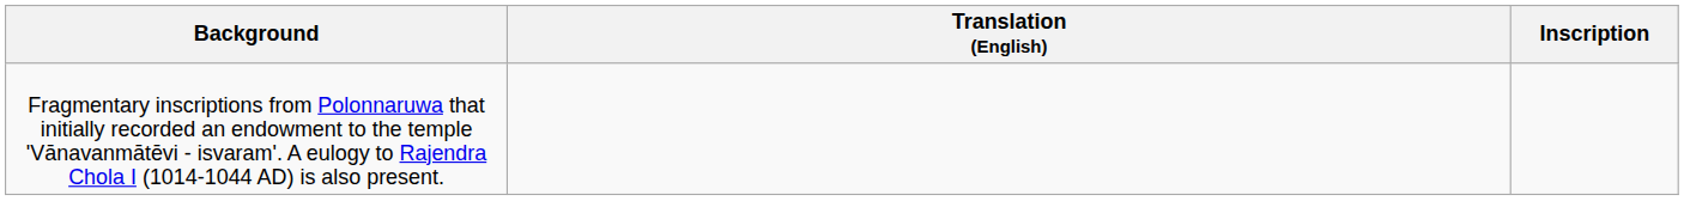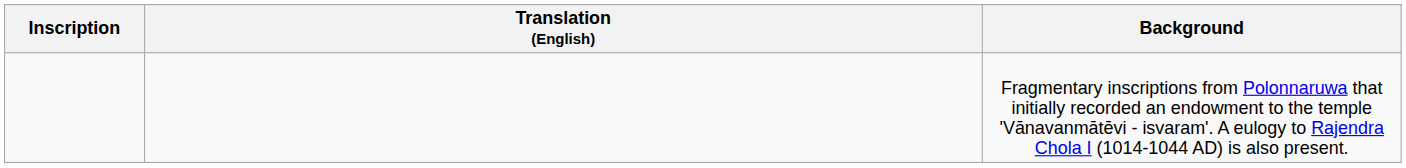 <table class="wikitable centre">
 <tr>
+<th>Inscription<br></th>
+<th>Translation<br><small>(English)</small></th>
 <th scope="col" align=left>Background<br></th>
-<th>Translation<br><small>(English)</small></th>
-<th>Inscription<br></th>
 </tr>
 <tr>
+<td align=center width="10%"><br> </td>
+<td align=left><br></td>
 <td align=center width="30%"><br>Fragmentary inscriptions from <a href='#'>Polonnaruwa</a> that initially recorded an endowment to the temple 'Vānavanmātēvi - isvaram'. A eulogy to <a href='#'>Rajendra Chola I</a> (1014-1044 AD) is also present.</td>
-<td align=left><br></td>
-<td align=center width="10%"><br> </td>
 </tr>
 </table>
